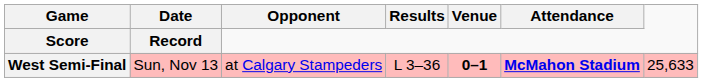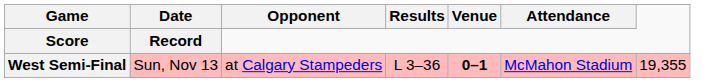 <table class="wikitable" style="text-align:center">
 <tr>
 <th>Game</th>
 <th>Date</th>
 <th>Opponent</th>
 <th>Results</th>
 <th>Venue</th>
 <th>Attendance</th>
 </tr>
 <tr>
 <th>Score</th>
 <th>Record</th>
 </tr>
 <tr style="background:#ffbbbb">
 <th>West Semi-Final</th>
 <td>Sun, Nov 13</td>
 <td>at <a href='#'>Calgary Stampeders</a></td>
 <td>L 3–36</td>
 <td><strong>0–1</strong></td>
-<td><strong><a href='#'>McMahon Stadium</a></strong></td>
-<td>25,633</td>
+<td><a href='#'>McMahon Stadium</a></td>
+<td>19,355</td>
 </tr>
 </table>
